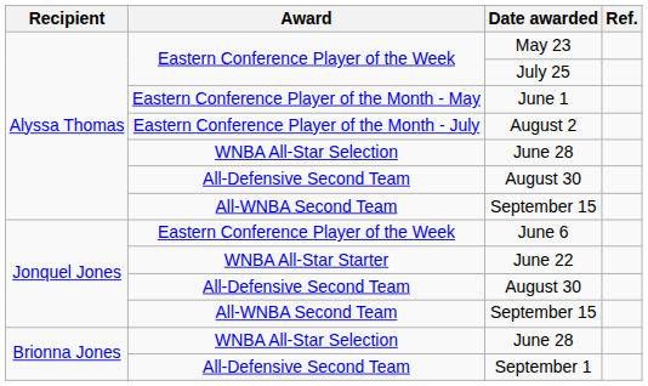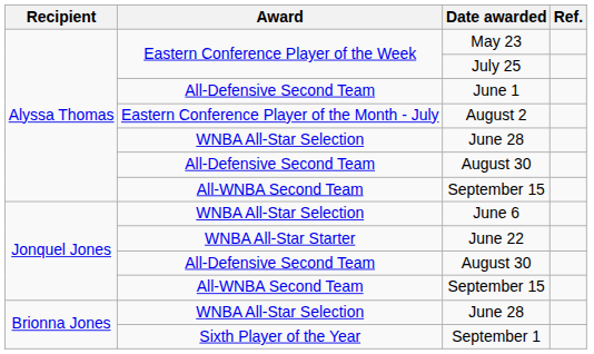 <table class="wikitable sortable sortable" style="text-align: center">
 <tr>
 <th>Recipient</th>
 <th>Award</th>
 <th>Date awarded</th>
 <th>Ref.</th>
 </tr>
 <tr>
 <td rowspan=7><a href='#'>Alyssa Thomas</a></td>
 <td rowspan=2><a href='#'>Eastern Conference Player of the Week</a></td>
 <td>May 23</td>
 <td></td>
 </tr>
 <tr>
 <td>July 25</td>
 <td></td>
 </tr>
 <tr>
-<td><a href='#'>Eastern Conference Player of the Month - May</a></td>
+<td><a href='#'>All-Defensive Second Team</a></td>
 <td>June 1</td>
 <td></td>
 </tr>
 <tr>
 <td><a href='#'>Eastern Conference Player of the Month - July</a></td>
 <td>August 2</td>
 <td></td>
 </tr>
 <tr>
 <td><a href='#'>WNBA All-Star Selection</a></td>
 <td>June 28</td>
 <td></td>
 </tr>
 <tr>
 <td><a href='#'>All-Defensive Second Team</a></td>
 <td>August 30</td>
 <td></td>
 </tr>
 <tr>
 <td><a href='#'>All-WNBA Second Team</a></td>
 <td>September 15</td>
 <td></td>
 </tr>
 <tr>
 <td rowspan=4><a href='#'>Jonquel Jones</a></td>
-<td><a href='#'>Eastern Conference Player of the Week</a></td>
+<td><a href='#'>WNBA All-Star Selection</a></td>
 <td>June 6</td>
 <td></td>
 </tr>
 <tr>
 <td><a href='#'>WNBA All-Star Starter</a></td>
 <td>June 22</td>
 <td></td>
 </tr>
 <tr>
 <td><a href='#'>All-Defensive Second Team</a></td>
 <td>August 30</td>
 <td></td>
 </tr>
 <tr>
 <td><a href='#'>All-WNBA Second Team</a></td>
 <td>September 15</td>
 <td></td>
 </tr>
 <tr>
 <td rowspan=2><a href='#'>Brionna Jones</a></td>
 <td><a href='#'>WNBA All-Star Selection</a></td>
 <td>June 28</td>
 <td></td>
 </tr>
 <tr>
-<td><a href='#'>All-Defensive Second Team</a></td>
+<td><a href='#'>Sixth Player of the Year</a></td>
 <td>September 1</td>
 <td></td>
 </tr>
 </table>
